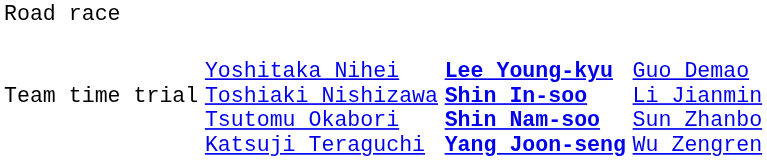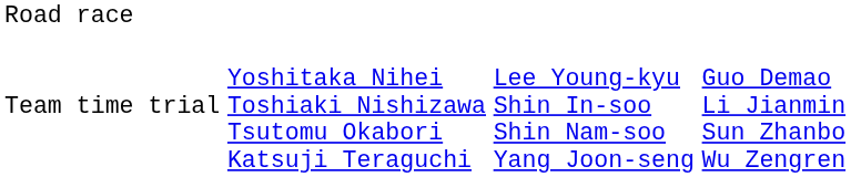 <table>
 <tr>
 <td>Road race</td>
 <td></td>
 <td></td>
 <td></td>
 </tr>
 <tr>
 <td>Team time trial</td>
 <td><br><a href='#'>Yoshitaka Nihei</a><br><a href='#'>Toshiaki Nishizawa</a><br><a href='#'>Tsutomu Okabori</a><br><a href='#'>Katsuji Teraguchi</a></td>
-<td><strong><br><a href='#'>Lee Young-kyu</a><br><a href='#'>Shin In-soo</a><br><a href='#'>Shin Nam-soo</a><br><a href='#'>Yang Joon-seng</a></strong></td>
+<td><br><a href='#'>Lee Young-kyu</a><br><a href='#'>Shin In-soo</a><br><a href='#'>Shin Nam-soo</a><br><a href='#'>Yang Joon-seng</a></td>
 <td><br><a href='#'>Guo Demao</a><br><a href='#'>Li Jianmin</a><br><a href='#'>Sun Zhanbo</a><br><a href='#'>Wu Zengren</a></td>
 </tr>
 </table>
